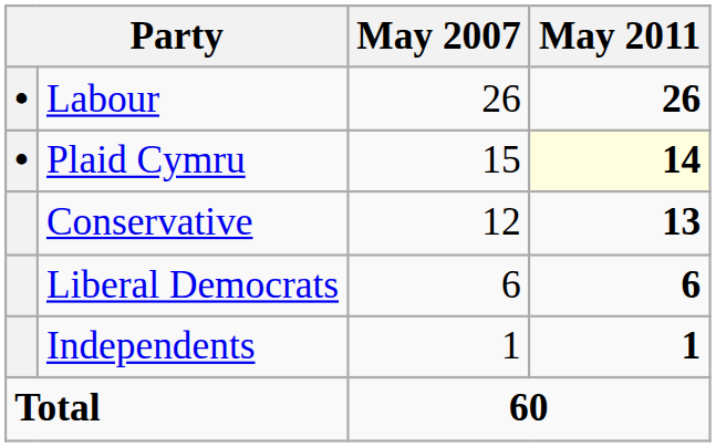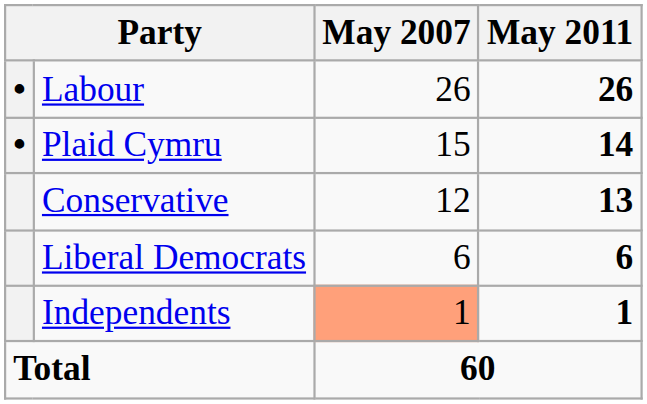 <table class="wikitable">
 <tr>
 <th colspan=2>Party</th>
 <th>May 2007</th>
 <th>May 2011</th>
 </tr>
 <tr>
 <th style="background-color: "><span>•</span></th>
 <td><a href='#'>Labour</a></td>
 <td align="right">26</td>
 <td align="right"><strong>26</strong></td>
 </tr>
 <tr>
 <th style="background-color: "><span>•</span></th>
 <td><a href='#'>Plaid Cymru</a></td>
 <td align="right">15</td>
-<td align="right" style="background: lightyellow;"><strong>14</strong></td>
+<td align="right"><strong>14</strong></td>
 </tr>
 <tr>
 <th style="background-color: "></th>
 <td><a href='#'>Conservative</a></td>
 <td align="right">12</td>
 <td align="right"><strong>13</strong></td>
 </tr>
 <tr>
 <th style="background-color: "></th>
 <td><a href='#'>Liberal Democrats</a></td>
 <td align="right">6</td>
 <td align="right"><strong>6</strong></td>
 </tr>
 <tr>
 <th style="background-color: "></th>
 <td><a href='#'>Independents</a></td>
-<td align="right">1</td>
+<td align="right" style="background: lightsalmon;">1</td>
 <td align="right"><strong>1</strong></td>
 </tr>
 <tr>
 <td colspan="2"><strong>Total</strong></td>
 <td colspan="2" align="center"><strong>60</strong></td>
 </tr>
 </table>
